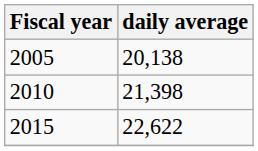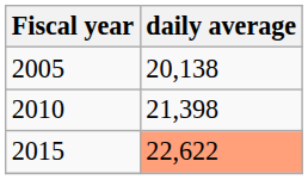 <table class="wikitable">
 <tr>
 <th>Fiscal year</th>
 <th>daily average</th>
 </tr>
 <tr>
 <td>2005</td>
 <td>20,138</td>
 </tr>
 <tr>
 <td>2010</td>
 <td>21,398</td>
 </tr>
 <tr>
 <td>2015</td>
-<td>22,622</td>
+<td style="background: lightsalmon;">22,622</td>
 </tr>
 <tr>
 </tr>
 </table>
